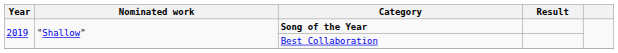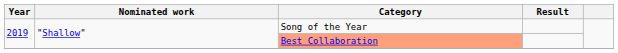 <table class="wikitable" style="width:100%;">
 <tr>
 <th width=5%>Year</th>
 <th style="width:40%;">Nominated work</th>
 <th style="width:40%;">Category</th>
 <th style="width:10%;">Result</th>
 <th width=5%></th>
 </tr>
 <tr>
 <td rowspan="2"><a href='#'>2019</a></td>
 <td rowspan="2">"<a href='#'>Shallow</a>"</td>
-<td><strong>Song of the Year</strong></td>
+<td>Song of the Year</td>
 <td></td>
 <td rowspan="2" style="text-align:center;"></td>
 </tr>
 <tr>
-<td><a href='#'>Best Collaboration</a></td>
+<td style="background: lightsalmon;"><a href='#'>Best Collaboration</a></td>
 <td></td>
 </tr>
 <tr>
 </tr>
 </table>
